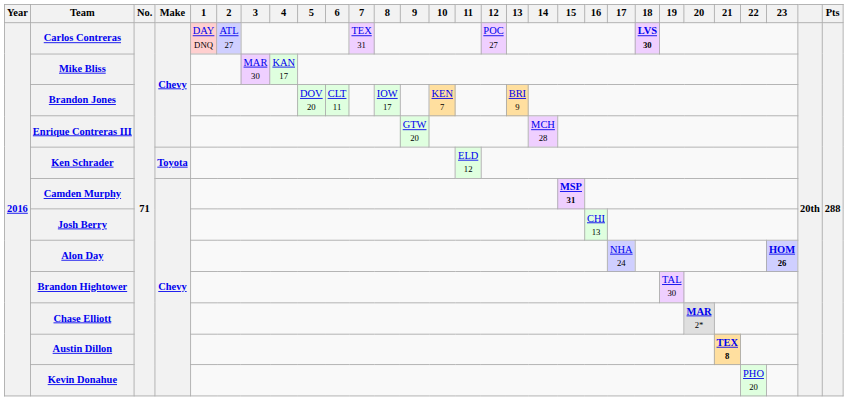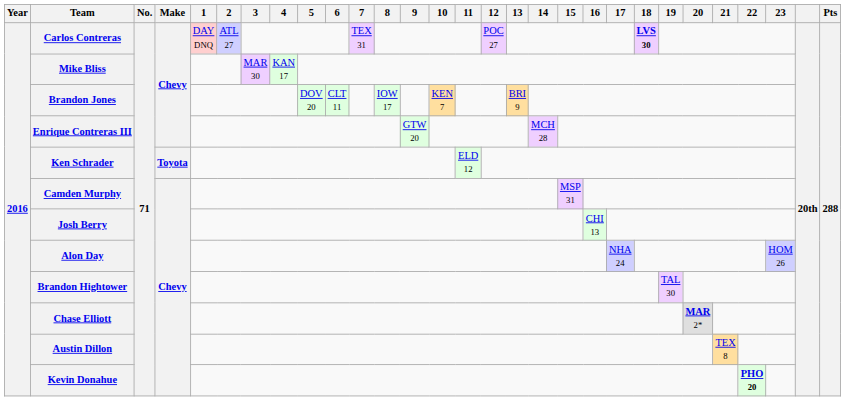 <table class="wikitable" style="text-align:center; font-size:75%">
 <tr>
 <th>Year</th>
 <th>Team</th>
 <th>No.</th>
 <th>Make</th>
 <th>1</th>
 <th>2</th>
 <th>3</th>
 <th>4</th>
 <th>5</th>
 <th>6</th>
 <th>7</th>
 <th>8</th>
 <th>9</th>
 <th>10</th>
 <th>11</th>
 <th>12</th>
 <th>13</th>
 <th>14</th>
 <th>15</th>
 <th>16</th>
 <th>17</th>
 <th>18</th>
 <th>19</th>
 <th>20</th>
 <th>21</th>
 <th>22</th>
 <th>23</th>
 <th></th>
 <th>Pts</th>
 </tr>
 <tr>
 <th rowspan=12><a href='#'>2016</a></th>
 <th><a href='#'>Carlos Contreras</a></th>
 <th rowspan=12>71</th>
 <th rowspan=4><a href='#'>Chevy</a></th>
 <td style="background:#FFCFCF;"><a href='#'>DAY</a><br><small>DNQ</small></td>
 <td style="background:#CFCFFF;"><a href='#'>ATL</a><br><small>27</small></td>
 <td colspan=4></td>
 <td style="background:#EFCFFF;"><a href='#'>TEX</a><br><small>31</small></td>
 <td colspan=4></td>
 <td style="background:#EFCFFF;"><a href='#'>POC</a><br><small>27</small></td>
 <td colspan=5></td>
 <td style="background:#EFCFFF;"><strong><a href='#'>LVS</a><br><small>30</small></strong></td>
 <td colspan=5></td>
 <th rowspan=12>20th</th>
 <th rowspan=12>288</th>
 </tr>
 <tr>
 <th><a href='#'>Mike Bliss</a></th>
 <td colspan=2></td>
 <td style="background:#EFCFFF;"><a href='#'>MAR</a><br><small>30</small></td>
 <td style="background:#DFFFDF;"><a href='#'>KAN</a><br><small>17</small></td>
 <td colspan=19></td>
 </tr>
 <tr>
 <th><a href='#'>Brandon Jones</a></th>
 <td colspan=4></td>
 <td style="background:#DFFFDF;"><a href='#'>DOV</a><br><small>20</small></td>
 <td style="background:#DFFFDF;"><a href='#'>CLT</a><br><small>11</small></td>
 <td colspan=1></td>
 <td style="background:#DFFFDF;"><a href='#'>IOW</a><br><small>17</small></td>
 <td colspan=1></td>
 <td style="background:#FFDF9F;"><a href='#'>KEN</a><br><small>7</small></td>
 <td colspan=2></td>
 <td style="background:#FFDF9F;"><a href='#'>BRI</a><br><small>9</small></td>
 <td colspan=10></td>
 </tr>
 <tr>
 <th><a href='#'>Enrique Contreras III</a></th>
 <td colspan=8></td>
 <td style="background:#DFFFDF;"><a href='#'>GTW</a><br><small>20</small></td>
 <td colspan=4></td>
 <td style="background:#EFCFFF;"><a href='#'>MCH</a><br><small>28</small></td>
 <td colspan=9></td>
 </tr>
 <tr>
 <th><a href='#'>Ken Schrader</a></th>
 <th><a href='#'>Toyota</a></th>
 <td colspan=10></td>
 <td style="background:#DFFFDF;"><a href='#'>ELD</a><br><small>12</small></td>
 <td colspan=12></td>
 </tr>
 <tr>
 <th><a href='#'>Camden Murphy</a></th>
 <th rowspan=7><a href='#'>Chevy</a></th>
 <td colspan=14></td>
-<td style="background:#EFCFFF;"><strong><a href='#'>MSP</a><br><small>31</small></strong></td>
+<td style="background:#EFCFFF;"><a href='#'>MSP</a><br><small>31</small></td>
 <td colspan=8></td>
 </tr>
 <tr>
 <th><a href='#'>Josh Berry</a></th>
 <td colspan=15></td>
 <td style="background:#DFFFDF;"><a href='#'>CHI</a><br><small>13</small></td>
 <td colspan=7></td>
 </tr>
 <tr>
 <th><a href='#'>Alon Day</a></th>
 <td colspan=16></td>
 <td style="background:#CFCFFF;"><a href='#'>NHA</a><br><small>24</small></td>
 <td colspan=5></td>
-<td style="background:#CFCFFF;"><strong><a href='#'>HOM</a><br><small>26</small></strong></td>
+<td style="background:#CFCFFF;"><a href='#'>HOM</a><br><small>26</small></td>
 </tr>
 <tr>
 <th><a href='#'>Brandon Hightower</a></th>
 <td colspan=18></td>
 <td style="background:#EFCFFF;"><a href='#'>TAL</a><br><small>30</small></td>
 <td colspan=4></td>
 </tr>
 <tr>
 <th><a href='#'>Chase Elliott</a></th>
 <td colspan=19></td>
 <td style="background:#DFDFDF;"><strong><a href='#'>MAR</a></strong><br><small>2*</small></td>
 <td colspan=3></td>
 </tr>
 <tr>
 <th><a href='#'>Austin Dillon</a></th>
 <td colspan=20></td>
-<td style="background:#FFDF9F;"><strong><a href='#'>TEX</a><br><small>8</small></strong></td>
+<td style="background:#FFDF9F;"><a href='#'>TEX</a><br><small>8</small></td>
 <td colspan=2></td>
 </tr>
 <tr>
 <th><a href='#'>Kevin Donahue</a></th>
 <td colspan=21></td>
-<td style="background:#DFFFDF;"><a href='#'>PHO</a><br><small>20</small></td>
+<td style="background:#DFFFDF;"><strong><a href='#'>PHO</a><br><small>20</small></strong></td>
 <td colspan=1></td>
 </tr>
 </table>
